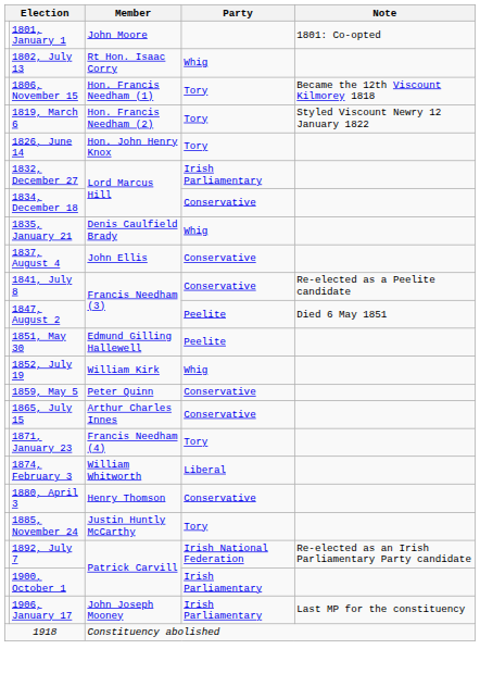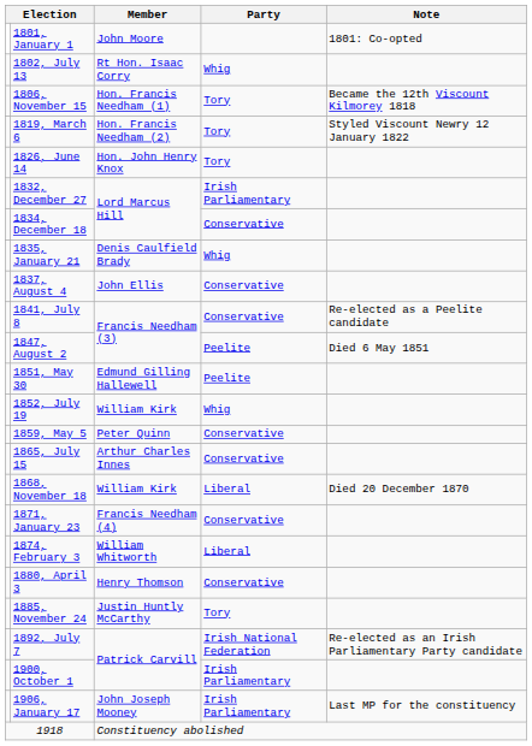 <table class="wikitable">
 <tr>
 <th colspan="2">Election</th>
 <th>Member</th>
 <th>Party</th>
 <th>Note</th>
 </tr>
 <tr>
 <td style="color:inherit;background-color: white"></td>
 <td><a href='#'>1801, January 1</a></td>
 <td><a href='#'>John Moore</a></td>
 <td></td>
 <td>1801: Co-opted</td>
 </tr>
 <tr>
 <td style="color:inherit;background-color: "></td>
 <td><a href='#'>1802, July 13</a></td>
 <td><a href='#'>Rt Hon. Isaac Corry</a></td>
 <td><a href='#'>Whig</a></td>
 <td></td>
 </tr>
 <tr>
 <td style="color:inherit;background-color: "></td>
 <td><a href='#'>1806, November 15</a></td>
 <td><a href='#'>Hon. Francis Needham (1)</a></td>
 <td><a href='#'>Tory</a></td>
 <td>Became the 12th <a href='#'>Viscount Kilmorey</a> 1818</td>
 </tr>
 <tr>
 <td style="color:inherit;background-color: "></td>
 <td><a href='#'>1819, March 6</a></td>
 <td><a href='#'>Hon. Francis Needham (2)</a></td>
 <td><a href='#'>Tory</a></td>
 <td>Styled Viscount Newry 12 January 1822</td>
 </tr>
 <tr>
 <td style="color:inherit;background-color: "></td>
 <td><a href='#'>1826, June 14</a></td>
 <td><a href='#'>Hon. John Henry Knox</a></td>
 <td><a href='#'>Tory</a></td>
 <td></td>
 </tr>
 <tr>
 <td style="color:inherit;background-color: "></td>
 <td><a href='#'>1832, December 27</a></td>
 <td rowspan="2"><a href='#'>Lord Marcus Hill</a></td>
 <td><a href='#'>Irish Parliamentary</a></td>
 <td></td>
 </tr>
 <tr>
 <td style="color:inherit;background-color: "></td>
 <td><a href='#'>1834, December 18</a></td>
 <td><a href='#'>Conservative</a></td>
 <td></td>
 </tr>
 <tr>
 <td style="color:inherit;background-color: "></td>
 <td><a href='#'>1835, January 21</a></td>
 <td><a href='#'>Denis Caulfield Brady</a></td>
 <td><a href='#'>Whig</a></td>
 <td></td>
 </tr>
 <tr>
 <td style="color:inherit;background-color: "></td>
 <td><a href='#'>1837, August 4</a></td>
 <td><a href='#'>John Ellis</a></td>
 <td><a href='#'>Conservative</a></td>
 <td></td>
 </tr>
 <tr>
 <td style="color:inherit;background-color: "></td>
 <td><a href='#'>1841, July 8</a></td>
 <td rowspan="2"><a href='#'>Francis Needham (3)</a></td>
 <td><a href='#'>Conservative</a></td>
 <td>Re-elected as a Peelite candidate</td>
 </tr>
 <tr>
 <td style="color:inherit;background-color: "></td>
 <td><a href='#'>1847, August 2</a></td>
 <td><a href='#'>Peelite</a></td>
 <td>Died 6 May 1851</td>
 </tr>
 <tr>
 <td style="color:inherit;background-color: "></td>
 <td><a href='#'>1851, May 30</a></td>
 <td><a href='#'>Edmund Gilling Hallewell</a></td>
 <td><a href='#'>Peelite</a></td>
 <td></td>
 </tr>
 <tr>
 <td style="color:inherit;background-color: "></td>
 <td><a href='#'>1852, July 19</a></td>
 <td><a href='#'>William Kirk</a></td>
 <td><a href='#'>Whig</a></td>
 <td></td>
 </tr>
 <tr>
 <td style="color:inherit;background-color: "></td>
 <td><a href='#'>1859, May 5</a></td>
 <td><a href='#'>Peter Quinn</a></td>
 <td><a href='#'>Conservative</a></td>
 <td></td>
 </tr>
 <tr>
 <td style="color:inherit;background-color: "></td>
 <td><a href='#'>1865, July 15</a></td>
 <td><a href='#'>Arthur Charles Innes</a></td>
 <td><a href='#'>Conservative</a></td>
 <td></td>
 </tr>
 <tr>
 <td style="color:inherit;background-color: "></td>
+<td><a href='#'>1868, November 18</a></td>
+<td><a href='#'>William Kirk</a></td>
+<td><a href='#'>Liberal</a></td>
+<td>Died 20 December 1870</td>
+</tr>
+<tr>
+<td style="color:inherit;background-color: "></td>
 <td><a href='#'>1871, January 23</a></td>
 <td><a href='#'>Francis Needham (4)</a></td>
-<td><a href='#'>Tory</a></td>
+<td><a href='#'>Conservative</a></td>
 <td></td>
 </tr>
 <tr>
 <td style="color:inherit;background-color: "></td>
 <td><a href='#'>1874, February 3</a></td>
 <td><a href='#'>William Whitworth</a></td>
 <td><a href='#'>Liberal</a></td>
 <td></td>
 </tr>
 <tr>
 <td style="color:inherit;background-color: "></td>
 <td><a href='#'>1880, April 3</a></td>
 <td><a href='#'>Henry Thomson</a></td>
 <td><a href='#'>Conservative</a></td>
 <td></td>
 </tr>
 <tr>
 <td style="color:inherit;background-color: "></td>
 <td><a href='#'>1885, November 24</a></td>
 <td><a href='#'>Justin Huntly McCarthy</a></td>
 <td><a href='#'>Tory</a></td>
 <td></td>
 </tr>
 <tr>
 <td style="color:inherit;background-color: "></td>
 <td><a href='#'>1892, July 7</a></td>
 <td rowspan="2"><a href='#'>Patrick Carvill</a></td>
 <td><a href='#'>Irish National Federation</a></td>
 <td>Re-elected as an Irish Parliamentary Party candidate</td>
 </tr>
 <tr>
 <td style="color:inherit;background-color: "></td>
 <td><a href='#'>1900, October 1</a></td>
 <td><a href='#'>Irish Parliamentary</a></td>
 <td></td>
 </tr>
 <tr>
 <td style="color:inherit;background-color: "></td>
 <td><a href='#'>1906, January 17</a></td>
 <td><a href='#'>John Joseph Mooney</a></td>
 <td><a href='#'>Irish Parliamentary</a></td>
 <td>Last MP for the constituency</td>
 </tr>
 <tr>
 <td colspan="2" align="center"><em>1918</em></td>
 <td colspan="3"><em>Constituency abolished</em></td>
 </tr>
 </table>
